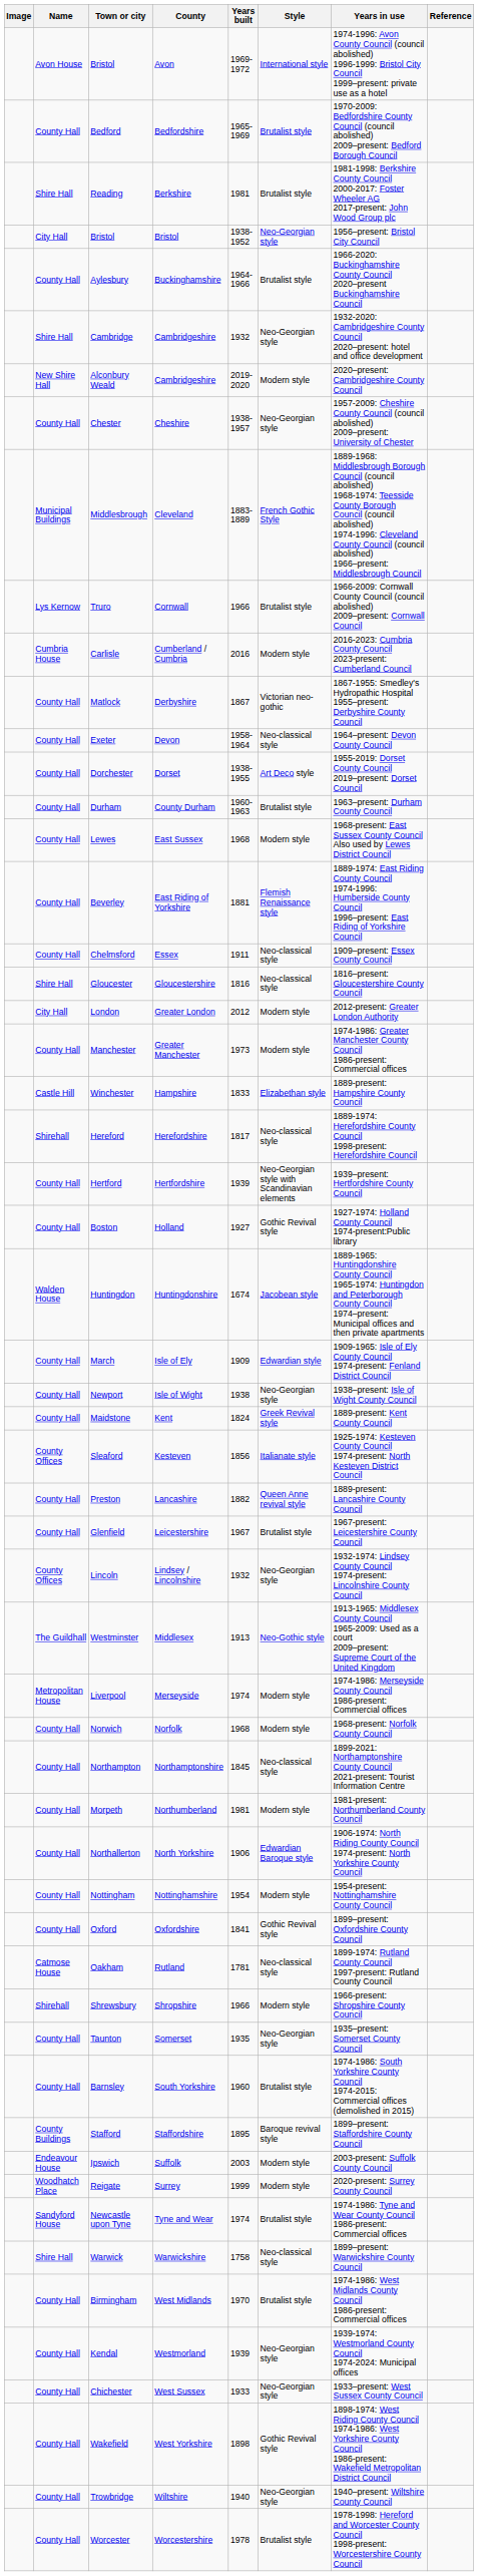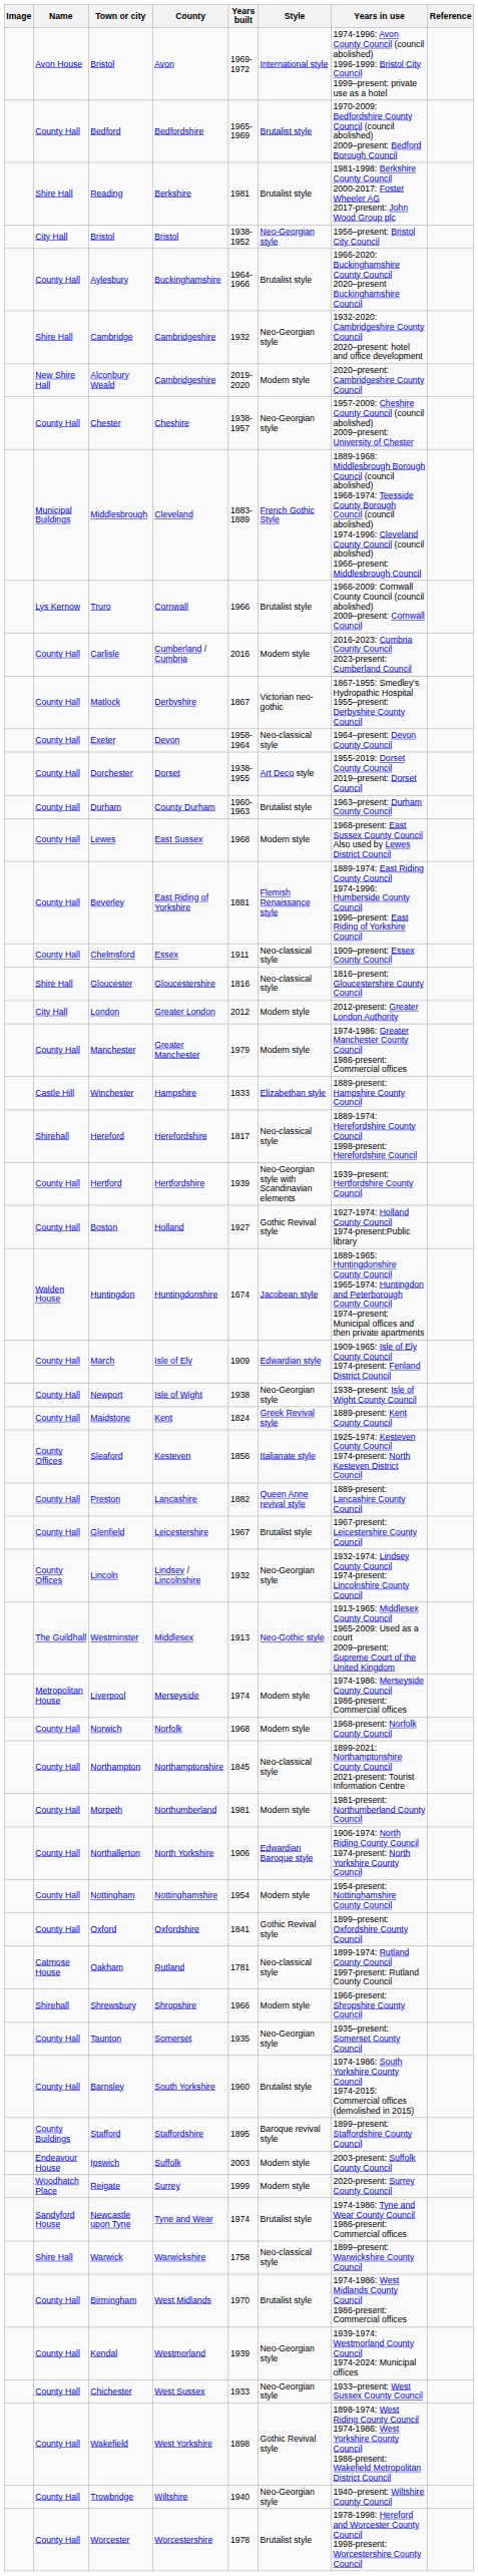 <table class="wikitable sortable">
 <tr>
 <th>Image</th>
 <th>Name</th>
 <th>Town or city</th>
 <th>County</th>
 <th>Years built</th>
 <th>Style</th>
 <th>Years in use</th>
 <th>Reference</th>
 </tr>
 <tr>
 <td></td>
 <td><a href='#'>Avon House</a></td>
 <td><a href='#'>Bristol</a></td>
 <td><a href='#'>Avon</a></td>
 <td>1969-1972</td>
 <td><a href='#'>International style</a></td>
 <td>1974-1996: <a href='#'>Avon County Council</a> (council abolished) <br> 1996-1999: <a href='#'>Bristol City Council</a> <br> 1999–present: private use as a hotel</td>
 <td></td>
 </tr>
 <tr>
 <td></td>
 <td><a href='#'>County Hall</a></td>
 <td><a href='#'>Bedford</a></td>
 <td><a href='#'>Bedfordshire</a></td>
 <td>1965-1969</td>
 <td><a href='#'>Brutalist style</a></td>
 <td>1970-2009: <a href='#'>Bedfordshire County Council</a> (council abolished) <br> 2009–present: <a href='#'>Bedford Borough Council</a></td>
 <td></td>
 </tr>
 <tr>
 <td></td>
 <td><a href='#'>Shire Hall</a></td>
 <td><a href='#'>Reading</a></td>
 <td><a href='#'>Berkshire</a></td>
 <td>1981</td>
 <td>Brutalist style</td>
 <td>1981-1998: <a href='#'>Berkshire County Council</a> <br> 2000-2017: <a href='#'>Foster Wheeler AG</a> <br> 2017-present: <a href='#'>John Wood Group plc</a></td>
 <td></td>
 </tr>
 <tr>
 <td></td>
 <td><a href='#'>City Hall</a></td>
 <td><a href='#'>Bristol</a></td>
 <td><a href='#'>Bristol</a></td>
 <td>1938-1952</td>
 <td><a href='#'>Neo-Georgian style</a></td>
 <td>1956–present: <a href='#'>Bristol City Council</a></td>
 <td></td>
 </tr>
 <tr>
 <td></td>
 <td><a href='#'>County Hall</a></td>
 <td><a href='#'>Aylesbury</a></td>
 <td><a href='#'>Buckinghamshire</a></td>
 <td>1964-1966</td>
 <td>Brutalist style</td>
 <td>1966-2020: <a href='#'>Buckinghamshire County Council</a> <br> 2020–present <a href='#'>Buckinghamshire Council</a></td>
 <td></td>
 </tr>
 <tr>
 <td></td>
 <td><a href='#'>Shire Hall</a></td>
 <td><a href='#'>Cambridge</a></td>
 <td><a href='#'>Cambridgeshire</a></td>
 <td>1932</td>
 <td>Neo-Georgian style</td>
 <td>1932-2020: <a href='#'>Cambridgeshire County Council</a> <br> 2020–present: hotel and office development</td>
 <td></td>
 </tr>
 <tr>
 <td></td>
 <td><a href='#'>New Shire Hall</a></td>
 <td><a href='#'>Alconbury Weald</a></td>
 <td><a href='#'>Cambridgeshire</a></td>
 <td>2019-2020</td>
 <td>Modern style</td>
 <td>2020–present: <a href='#'>Cambridgeshire County Council</a></td>
 <td></td>
 </tr>
 <tr>
 <td></td>
 <td><a href='#'>County Hall</a></td>
 <td><a href='#'>Chester</a></td>
 <td><a href='#'>Cheshire</a></td>
 <td>1938-1957</td>
 <td>Neo-Georgian style</td>
 <td>1957-2009: <a href='#'>Cheshire County Council</a> (council abolished)<br>2009–present: <a href='#'>University of Chester</a></td>
 <td></td>
 </tr>
 <tr>
 <td></td>
 <td><a href='#'>Municipal Buildings</a></td>
 <td><a href='#'>Middlesbrough</a></td>
 <td><a href='#'>Cleveland</a></td>
 <td>1883-1889</td>
 <td><a href='#'>French Gothic Style</a></td>
 <td>1889-1968: <a href='#'>Middlesbrough Borough Council</a> (council abolished) <br> 1968-1974: <a href='#'>Teesside County Borough Council</a> (council abolished) <br> 1974-1996: <a href='#'>Cleveland County Council</a> (council abolished) <br> 1966–present: <a href='#'>Middlesbrough Council</a></td>
 <td></td>
 </tr>
 <tr>
 <td></td>
 <td><a href='#'>Lys Kernow</a></td>
 <td><a href='#'>Truro</a></td>
 <td><a href='#'>Cornwall</a></td>
 <td>1966</td>
 <td>Brutalist style</td>
 <td>1966-2009: Cornwall County Council (council abolished) <br> 2009–present: <a href='#'>Cornwall Council</a></td>
 <td></td>
 </tr>
 <tr>
 <td></td>
-<td><a href='#'>Cumbria House</a></td>
+<td><a href='#'>County Hall</a></td>
 <td><a href='#'>Carlisle</a></td>
 <td><a href='#'>Cumberland</a> / <a href='#'>Cumbria</a></td>
 <td>2016</td>
 <td>Modern style</td>
 <td>2016-2023: <a href='#'>Cumbria County Council</a> <br> 2023-present: <a href='#'>Cumberland Council</a></td>
 <td></td>
 </tr>
 <tr>
 <td></td>
 <td><a href='#'>County Hall</a></td>
 <td><a href='#'>Matlock</a></td>
 <td><a href='#'>Derbyshire</a></td>
 <td>1867</td>
 <td>Victorian neo-gothic</td>
 <td>1867-1955: Smedley's Hydropathic Hospital <br> 1955–present: <a href='#'>Derbyshire County Council</a></td>
 <td></td>
 </tr>
 <tr>
 <td></td>
 <td><a href='#'>County Hall</a></td>
 <td><a href='#'>Exeter</a></td>
 <td><a href='#'>Devon</a></td>
 <td>1958-1964</td>
 <td>Neo-classical style</td>
 <td>1964–present: <a href='#'>Devon County Council</a></td>
 <td></td>
 </tr>
 <tr>
 <td></td>
 <td><a href='#'>County Hall</a></td>
 <td><a href='#'>Dorchester</a></td>
 <td><a href='#'>Dorset</a></td>
 <td>1938-1955</td>
 <td><a href='#'>Art Deco</a> style</td>
 <td>1955-2019: <a href='#'>Dorset County Council</a> <br> 2019–present: <a href='#'>Dorset Council</a></td>
 <td></td>
 </tr>
 <tr>
 <td></td>
 <td><a href='#'>County Hall</a></td>
 <td><a href='#'>Durham</a></td>
 <td><a href='#'>County Durham</a></td>
 <td>1960-1963</td>
 <td>Brutalist style</td>
 <td>1963–present: <a href='#'>Durham County Council</a></td>
 <td></td>
 </tr>
 <tr>
 <td></td>
 <td><a href='#'>County Hall</a></td>
 <td><a href='#'>Lewes</a></td>
 <td><a href='#'>East Sussex</a></td>
 <td>1968</td>
 <td>Modern style</td>
 <td>1968-present: <a href='#'>East Sussex County Council</a> <br> Also used by <a href='#'>Lewes District Council</a></td>
 <td></td>
 </tr>
 <tr>
 <td></td>
 <td><a href='#'>County Hall</a></td>
 <td><a href='#'>Beverley</a></td>
 <td><a href='#'>East Riding of Yorkshire</a></td>
 <td>1881</td>
 <td><a href='#'>Flemish Renaissance style</a></td>
 <td>1889-1974: <a href='#'>East Riding County Council</a><br> 1974-1996: <a href='#'>Humberside County Council</a> <br> 1996–present: <a href='#'>East Riding of Yorkshire Council</a></td>
 <td></td>
 </tr>
 <tr>
 <td></td>
 <td><a href='#'>County Hall</a></td>
 <td><a href='#'>Chelmsford</a></td>
 <td><a href='#'>Essex</a></td>
 <td>1911</td>
 <td>Neo-classical style</td>
 <td>1909–present: <a href='#'>Essex County Council</a></td>
 <td></td>
 </tr>
 <tr>
 <td></td>
 <td><a href='#'>Shire Hall</a></td>
 <td><a href='#'>Gloucester</a></td>
 <td><a href='#'>Gloucestershire</a></td>
 <td>1816</td>
 <td>Neo-classical style</td>
 <td>1816–present: <a href='#'>Gloucestershire County Council</a></td>
 <td></td>
 </tr>
 <tr>
 <td></td>
 <td><a href='#'>City Hall</a></td>
 <td><a href='#'>London</a></td>
 <td><a href='#'>Greater London</a></td>
 <td>2012</td>
 <td>Modern style</td>
 <td>2012-present: <a href='#'>Greater London Authority</a></td>
 <td></td>
 </tr>
 <tr>
 <td></td>
 <td><a href='#'>County Hall</a></td>
 <td><a href='#'>Manchester</a></td>
 <td><a href='#'>Greater Manchester</a></td>
-<td>1973</td>
+<td>1979</td>
 <td>Modern style</td>
 <td>1974-1986: <a href='#'>Greater Manchester County Council</a><br>1986-present: Commercial offices</td>
 <td></td>
 </tr>
 <tr>
 <td></td>
 <td><a href='#'>Castle Hill</a></td>
 <td><a href='#'>Winchester</a></td>
 <td><a href='#'>Hampshire</a></td>
 <td>1833</td>
 <td><a href='#'>Elizabethan style</a></td>
 <td>1889-present: <a href='#'>Hampshire County Council</a></td>
 <td></td>
 </tr>
 <tr>
 <td></td>
 <td><a href='#'>Shirehall</a></td>
 <td><a href='#'>Hereford</a></td>
 <td><a href='#'>Herefordshire</a></td>
 <td>1817</td>
 <td>Neo-classical style</td>
 <td>1889-1974: <a href='#'>Herefordshire County Council</a><br>1998-present: <a href='#'>Herefordshire Council</a></td>
 <td></td>
 </tr>
 <tr>
 <td></td>
 <td><a href='#'>County Hall</a></td>
 <td><a href='#'>Hertford</a></td>
 <td><a href='#'>Hertfordshire</a></td>
 <td>1939</td>
 <td>Neo-Georgian style with Scandinavian elements</td>
 <td>1939–present: <a href='#'>Hertfordshire County Council</a></td>
 <td></td>
 </tr>
 <tr>
 <td></td>
 <td><a href='#'>County Hall</a></td>
 <td><a href='#'>Boston</a></td>
 <td><a href='#'>Holland</a></td>
 <td>1927</td>
 <td>Gothic Revival style</td>
 <td>1927-1974: <a href='#'>Holland County Council</a><br>1974-present:Public library</td>
 <td></td>
 </tr>
 <tr>
 <td></td>
 <td><a href='#'>Walden House</a></td>
 <td><a href='#'>Huntingdon</a></td>
 <td><a href='#'>Huntingdonshire</a></td>
 <td>1674</td>
 <td><a href='#'>Jacobean style</a></td>
 <td>1889-1965: <a href='#'>Huntingdonshire County Council</a><br>1965-1974: <a href='#'>Huntingdon and Peterborough County Council </a><br>1974–present: Municipal offices and then private apartments</td>
 <td></td>
 </tr>
 <tr>
 <td></td>
 <td><a href='#'>County Hall</a></td>
 <td><a href='#'>March</a></td>
 <td><a href='#'>Isle of Ely</a></td>
 <td>1909</td>
 <td><a href='#'>Edwardian style</a></td>
 <td>1909-1965: <a href='#'>Isle of Ely County Council</a><br>1974-present: <a href='#'>Fenland District Council</a></td>
 <td></td>
 </tr>
 <tr>
 <td></td>
 <td><a href='#'>County Hall</a></td>
 <td><a href='#'>Newport</a></td>
 <td><a href='#'>Isle of Wight</a></td>
 <td>1938</td>
 <td>Neo-Georgian style</td>
 <td>1938–present: <a href='#'>Isle of Wight County Council</a></td>
 <td></td>
 </tr>
 <tr>
 <td></td>
 <td><a href='#'>County Hall</a></td>
 <td><a href='#'>Maidstone</a></td>
 <td><a href='#'>Kent</a></td>
 <td>1824</td>
 <td><a href='#'>Greek Revival style</a></td>
 <td>1889-present: <a href='#'>Kent County Council</a></td>
 <td></td>
 </tr>
 <tr>
 <td></td>
 <td><a href='#'>County Offices</a></td>
 <td><a href='#'>Sleaford</a></td>
 <td><a href='#'>Kesteven</a></td>
 <td>1856</td>
 <td><a href='#'>Italianate style</a></td>
 <td>1925-1974: <a href='#'>Kesteven County Council</a><br>1974-present: <a href='#'>North Kesteven District Council</a></td>
 <td></td>
 </tr>
 <tr>
 <td></td>
 <td><a href='#'>County Hall</a></td>
 <td><a href='#'>Preston</a></td>
 <td><a href='#'>Lancashire</a></td>
 <td>1882</td>
 <td><a href='#'>Queen Anne revival style</a></td>
 <td>1889-present: <a href='#'>Lancashire County Council</a></td>
 <td></td>
 </tr>
 <tr>
 <td></td>
 <td><a href='#'>County Hall</a></td>
 <td><a href='#'>Glenfield</a></td>
 <td><a href='#'>Leicestershire</a></td>
 <td>1967</td>
 <td>Brutalist style</td>
 <td>1967-present: <a href='#'>Leicestershire County Council</a></td>
 <td></td>
 </tr>
 <tr>
 <td></td>
 <td><a href='#'>County Offices</a></td>
 <td><a href='#'>Lincoln</a></td>
 <td><a href='#'>Lindsey</a> / <a href='#'>Lincolnshire</a></td>
 <td>1932</td>
 <td>Neo-Georgian style</td>
 <td>1932-1974: <a href='#'>Lindsey County Council</a><br>1974-present: <a href='#'>Lincolnshire County Council</a></td>
 <td></td>
 </tr>
 <tr>
 <td></td>
 <td><a href='#'>The Guildhall</a></td>
 <td><a href='#'>Westminster</a></td>
 <td><a href='#'>Middlesex</a></td>
 <td>1913</td>
 <td><a href='#'>Neo-Gothic style</a></td>
 <td>1913-1965: <a href='#'>Middlesex County Council</a><br>1965-2009: Used as a court<br>2009–present: <a href='#'>Supreme Court of the United Kingdom</a></td>
 <td></td>
 </tr>
 <tr>
 <td></td>
 <td><a href='#'>Metropolitan House</a></td>
 <td><a href='#'>Liverpool</a></td>
 <td><a href='#'>Merseyside</a></td>
 <td>1974</td>
 <td>Modern style</td>
 <td>1974-1986: <a href='#'>Merseyside County Council</a><br>1986-present: Commercial offices</td>
 <td></td>
 </tr>
 <tr>
 <td></td>
 <td><a href='#'>County Hall</a></td>
 <td><a href='#'>Norwich</a></td>
 <td><a href='#'>Norfolk</a></td>
 <td>1968</td>
 <td>Modern style</td>
 <td>1968-present: <a href='#'>Norfolk County Council</a></td>
 <td></td>
 </tr>
 <tr>
 <td></td>
 <td><a href='#'>County Hall</a></td>
 <td><a href='#'>Northampton</a></td>
 <td><a href='#'>Northamptonshire</a></td>
 <td>1845</td>
 <td>Neo-classical style</td>
 <td>1899-2021: <a href='#'>Northamptonshire County Council</a><br>2021-present: Tourist Information Centre</td>
 <td></td>
 </tr>
 <tr>
 <td></td>
 <td><a href='#'>County Hall</a></td>
 <td><a href='#'>Morpeth</a></td>
 <td><a href='#'>Northumberland</a></td>
 <td>1981</td>
 <td>Modern style</td>
 <td>1981-present: <a href='#'>Northumberland County Council</a></td>
 <td></td>
 </tr>
 <tr>
 <td></td>
 <td><a href='#'>County Hall</a></td>
 <td><a href='#'>Northallerton</a></td>
 <td><a href='#'>North Yorkshire</a></td>
 <td>1906</td>
 <td><a href='#'>Edwardian Baroque style</a></td>
 <td>1906-1974: <a href='#'>North Riding County Council</a><br>1974-present: <a href='#'>North Yorkshire County Council</a></td>
 <td></td>
 </tr>
 <tr>
 <td></td>
 <td><a href='#'>County Hall</a></td>
 <td><a href='#'>Nottingham</a></td>
 <td><a href='#'>Nottinghamshire</a></td>
 <td>1954</td>
 <td>Modern style</td>
 <td>1954-present: <a href='#'>Nottinghamshire County Council</a></td>
 <td></td>
 </tr>
 <tr>
 <td></td>
 <td><a href='#'>County Hall</a></td>
 <td><a href='#'>Oxford</a></td>
 <td><a href='#'>Oxfordshire</a></td>
 <td>1841</td>
 <td>Gothic Revival style</td>
 <td>1899–present: <a href='#'>Oxfordshire County Council</a></td>
 <td></td>
 </tr>
 <tr>
 <td></td>
 <td><a href='#'>Catmose House</a></td>
 <td><a href='#'>Oakham</a></td>
 <td><a href='#'>Rutland</a></td>
 <td>1781</td>
 <td>Neo-classical style</td>
 <td>1899-1974: <a href='#'>Rutland County Council</a><br>1997-present: Rutland County Council</td>
 <td></td>
 </tr>
 <tr>
 <td></td>
 <td><a href='#'>Shirehall</a></td>
 <td><a href='#'>Shrewsbury</a></td>
 <td><a href='#'>Shropshire</a></td>
 <td>1966</td>
 <td>Modern style</td>
 <td>1966-present: <a href='#'>Shropshire County Council</a></td>
 <td></td>
 </tr>
 <tr>
 <td></td>
 <td><a href='#'>County Hall</a></td>
 <td><a href='#'>Taunton</a></td>
 <td><a href='#'>Somerset</a></td>
 <td>1935</td>
 <td>Neo-Georgian style</td>
 <td>1935–present: <a href='#'>Somerset County Council</a></td>
 <td></td>
 </tr>
 <tr>
 <td></td>
 <td><a href='#'>County Hall</a></td>
 <td><a href='#'>Barnsley</a></td>
 <td><a href='#'>South Yorkshire</a></td>
 <td>1960</td>
 <td>Brutalist style</td>
 <td>1974-1986: <a href='#'>South Yorkshire County Council</a><br>1974-2015: Commercial offices (demolished in 2015)</td>
 <td></td>
 </tr>
 <tr>
 <td></td>
 <td><a href='#'>County Buildings</a></td>
 <td><a href='#'>Stafford</a></td>
 <td><a href='#'>Staffordshire</a></td>
 <td>1895</td>
 <td>Baroque revival style</td>
 <td>1899–present: <a href='#'>Staffordshire County Council</a></td>
 <td></td>
 </tr>
 <tr>
 <td></td>
 <td><a href='#'>Endeavour House</a></td>
 <td><a href='#'>Ipswich</a></td>
 <td><a href='#'>Suffolk</a></td>
 <td>2003</td>
 <td>Modern style</td>
 <td>2003-present: <a href='#'>Suffolk County Council</a></td>
 <td></td>
 </tr>
 <tr>
 <td></td>
 <td><a href='#'>Woodhatch Place</a></td>
 <td><a href='#'>Reigate</a></td>
 <td><a href='#'>Surrey</a></td>
 <td>1999</td>
 <td>Modern style</td>
 <td>2020-present: <a href='#'>Surrey County Council</a></td>
 <td></td>
 </tr>
 <tr>
 <td></td>
 <td><a href='#'>Sandyford House</a></td>
 <td><a href='#'>Newcastle upon Tyne</a></td>
 <td><a href='#'>Tyne and Wear</a></td>
 <td>1974</td>
 <td>Brutalist style</td>
 <td>1974-1986: <a href='#'>Tyne and Wear County Council</a><br>1986-present: Commercial offices</td>
 <td></td>
 </tr>
 <tr>
 <td></td>
 <td><a href='#'>Shire Hall</a></td>
 <td><a href='#'>Warwick</a></td>
 <td><a href='#'>Warwickshire</a></td>
 <td>1758</td>
 <td>Neo-classical style</td>
 <td>1899–present: <a href='#'>Warwickshire County Council</a></td>
 <td></td>
 </tr>
 <tr>
 <td></td>
 <td><a href='#'>County Hall</a></td>
 <td><a href='#'>Birmingham</a></td>
 <td><a href='#'>West Midlands</a></td>
 <td>1970</td>
 <td>Brutalist style</td>
 <td>1974-1986: <a href='#'>West Midlands County Council</a><br>1986-present: Commercial offices</td>
 <td></td>
 </tr>
 <tr>
 <td></td>
 <td><a href='#'>County Hall</a></td>
 <td><a href='#'>Kendal</a></td>
 <td><a href='#'>Westmorland</a></td>
 <td>1939</td>
 <td>Neo-Georgian style</td>
 <td>1939-1974: <a href='#'>Westmorland County Council</a><br>1974-2024: Municipal offices</td>
 <td></td>
 </tr>
 <tr>
 <td></td>
 <td><a href='#'>County Hall</a></td>
 <td><a href='#'>Chichester</a></td>
 <td><a href='#'>West Sussex</a></td>
 <td>1933</td>
 <td>Neo-Georgian style</td>
 <td>1933–present: <a href='#'>West Sussex County Council</a></td>
 <td></td>
 </tr>
 <tr>
 <td></td>
 <td><a href='#'>County Hall</a></td>
 <td><a href='#'>Wakefield</a></td>
 <td><a href='#'>West Yorkshire</a></td>
 <td>1898</td>
 <td>Gothic Revival style</td>
 <td>1898-1974: <a href='#'>West Riding County Council</a><br>1974-1986: <a href='#'>West Yorkshire County Council</a><br>1986-present: <a href='#'>Wakefield Metropolitan District Council</a></td>
 <td></td>
 </tr>
 <tr>
 <td></td>
 <td><a href='#'>County Hall</a></td>
 <td><a href='#'>Trowbridge</a></td>
 <td><a href='#'>Wiltshire</a></td>
 <td>1940</td>
 <td>Neo-Georgian style</td>
 <td>1940–present: <a href='#'>Wiltshire County Council</a></td>
 <td></td>
 </tr>
 <tr>
 <td></td>
 <td><a href='#'>County Hall</a></td>
 <td><a href='#'>Worcester</a></td>
 <td><a href='#'>Worcestershire</a></td>
 <td>1978</td>
 <td>Brutalist style</td>
 <td>1978-1998: <a href='#'>Hereford and Worcester County Council</a><br>1998-present: <a href='#'>Worcestershire County Council</a></td>
 <td></td>
 </tr>
 </table>
